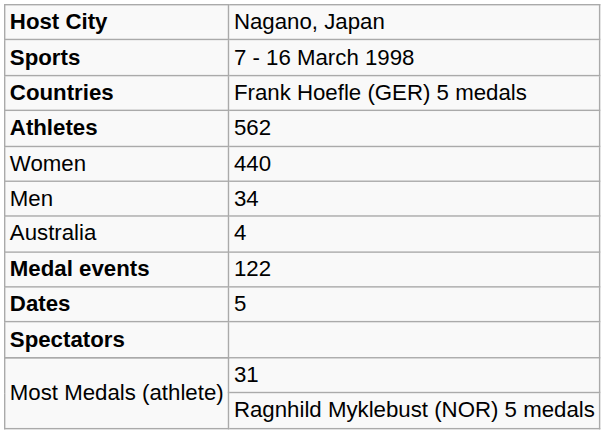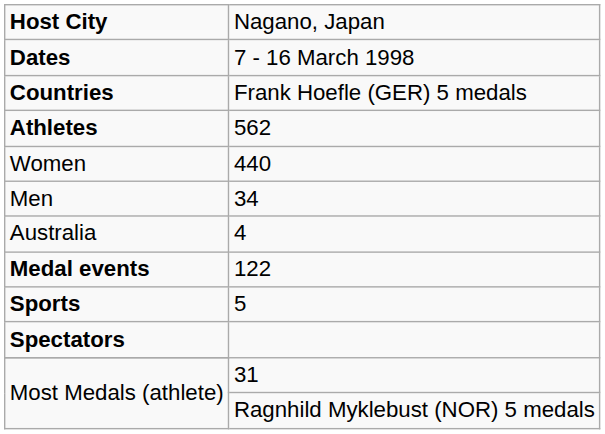 <table class="wikitable sortable jquery-tablesorter">
 <tr>
 <td><strong>Host City</strong></td>
 <td>Nagano, Japan</td>
 </tr>
 <tr>
-<td><strong>Sports</strong></td>
+<td><strong>Dates</strong></td>
 <td>7 - 16 March 1998</td>
 </tr>
 <tr>
 <td><strong>Countries</strong></td>
 <td>Frank Hoefle (GER) 5 medals</td>
 </tr>
 <tr>
 <td><strong>Athletes</strong></td>
 <td>562</td>
 </tr>
 <tr>
 <td>Women</td>
 <td>440</td>
 </tr>
 <tr>
 <td>Men</td>
 <td>34</td>
 </tr>
 <tr>
 <td>Australia</td>
 <td>4</td>
 </tr>
 <tr>
 <td><strong>Medal events</strong></td>
 <td>122</td>
 </tr>
 <tr>
-<td><strong>Dates</strong></td>
+<td><strong>Sports</strong></td>
 <td>5</td>
 </tr>
 <tr>
 <td><strong>Spectators</strong></td>
 </tr>
 <tr 151,376>
 </tr>
 <tr>
 <td rowspan="2">Most Medals (athlete)</td>
 <td>31</td>
 </tr>
 <tr>
 <td>Ragnhild Myklebust (NOR) 5 medals</td>
 </tr>
 </table>
